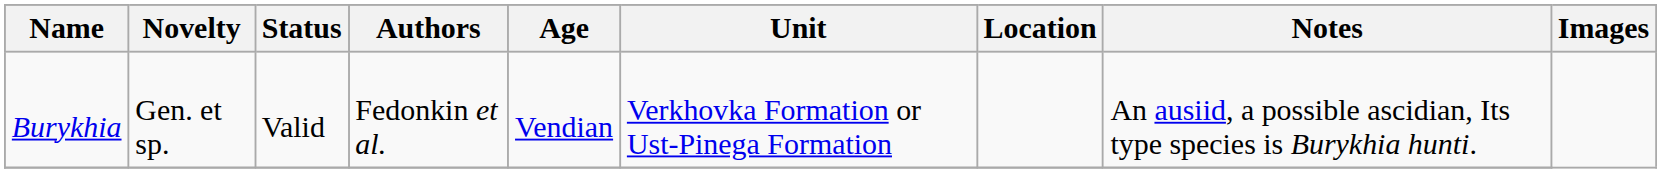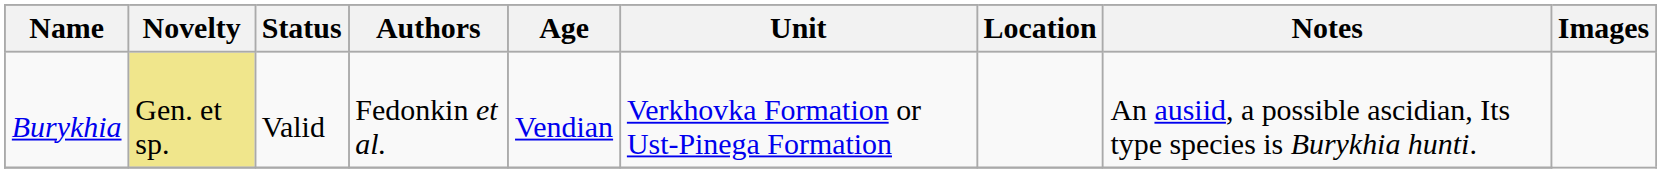 <table class="wikitable sortable" align="center" width="100%">
 <tr>
 <th>Name</th>
 <th>Novelty</th>
 <th>Status</th>
 <th>Authors</th>
 <th>Age</th>
 <th>Unit</th>
 <th>Location</th>
 <th>Notes</th>
 <th>Images</th>
 </tr>
 <tr>
 <td><br><em><a href='#'>Burykhia</a></em></td>
-<td><br>Gen. et sp.</td>
+<td style="background: khaki;"><br>Gen. et sp.</td>
 <td><br>Valid</td>
 <td><br>Fedonkin <em>et al.</em></td>
 <td><br><a href='#'>Vendian</a></td>
 <td><br><a href='#'>Verkhovka Formation</a> or <a href='#'>Ust-Pinega Formation</a></td>
 <td><br></td>
 <td><br>An <a href='#'>ausiid</a>, a possible ascidian, Its type species is <em>Burykhia hunti</em>.</td>
 </tr>
 <tr>
 </tr>
 </table>
